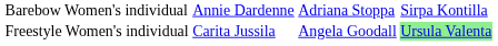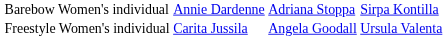 <table>
 <tr>
 <td>Barebow Women's individual<br></td>
 <td> <a href='#'>Annie Dardenne</a></td>
 <td> <a href='#'>Adriana Stoppa</a></td>
 <td> <a href='#'>Sirpa Kontilla</a></td>
 </tr>
 <tr>
 <td>Freestyle Women's individual<br></td>
 <td> <a href='#'>Carita Jussila</a></td>
 <td> <a href='#'>Angela Goodall</a></td>
-<td style="background: lightgreen;"> <a href='#'>Ursula Valenta</a></td>
+<td> <a href='#'>Ursula Valenta</a></td>
 </tr>
 </table>
